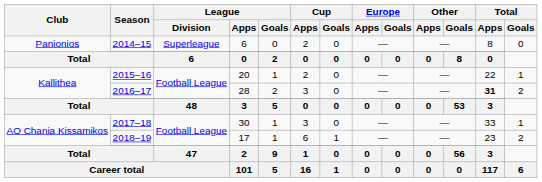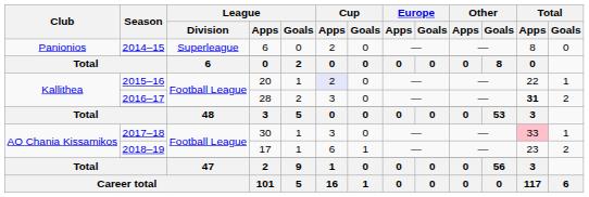 <table class="wikitable" style="text-align:center">
 <tr>
 <th rowspan="2">Club</th>
 <th rowspan="2">Season</th>
 <th colspan="3">League</th>
 <th colspan="2">Cup</th>
 <th colspan="2"><a href='#'>Europe</a></th>
 <th colspan="2">Other</th>
 <th colspan="2">Total</th>
 </tr>
 <tr>
 <th>Division</th>
 <th>Apps</th>
 <th>Goals</th>
 <th>Apps</th>
 <th>Goals</th>
 <th>Apps</th>
 <th>Goals</th>
 <th>Apps</th>
 <th>Goals</th>
 <th>Apps</th>
 <th>Goals</th>
 </tr>
 <tr>
 <td rowspan="2" valign="center"><a href='#'>Panionios</a></td>
 <td rowspan="1"><a href='#'>2014–15</a></td>
 <td rowspan="1"><a href='#'>Superleague</a></td>
 <td>6</td>
 <td>0</td>
 <td>2</td>
 <td>0</td>
 <td colspan="2">—</td>
 <td colspan="2">—</td>
 <td>8</td>
 <td>0</td>
 </tr>
 <tr>
 </tr>
 <tr>
 <th colspan="2" valign="center">Total</th>
 <th>6</th>
 <th>0</th>
 <th>2</th>
 <th>0</th>
 <th>0</th>
 <th>0</th>
 <th>0</th>
 <th>0</th>
 <th>8</th>
 <th>0</th>
 </tr>
 <tr>
 <td rowspan="3" valign="center"><a href='#'>Kallithea</a></td>
 <td><a href='#'>2015–16</a></td>
 <td rowspan="2"><a href='#'>Football League</a></td>
 <td>20</td>
 <td>1</td>
-<td>2</td>
+<td style="background: lavender;">2</td>
 <td>0</td>
 <td colspan="2">—</td>
 <td colspan="2">—</td>
 <td>22</td>
 <td>1</td>
 </tr>
 <tr>
 <td><a href='#'>2016–17</a></td>
 <td>28</td>
 <td>2</td>
 <td>3</td>
 <td>0</td>
 <td colspan="2">—</td>
 <td colspan="2">—</td>
 <td><strong>31</strong></td>
 <td>2</td>
 </tr>
 <tr>
 </tr>
 <tr>
 <th colspan="2" valign="center">Total</th>
 <th>48</th>
 <th>3</th>
 <th>5</th>
 <th>0</th>
 <th>0</th>
 <th>0</th>
 <th>0</th>
 <th>0</th>
 <th>53</th>
 <th>3</th>
 </tr>
 <tr>
 <td rowspan="3" valign="center"><a href='#'>AO Chania Kissamikos</a></td>
 <td><a href='#'>2017–18</a></td>
 <td rowspan="2"><a href='#'>Football League</a></td>
 <td>30</td>
 <td>1</td>
 <td>3</td>
 <td>0</td>
 <td colspan="2">—</td>
 <td colspan="2">—</td>
-<td>33</td>
+<td style="background: pink;">33</td>
 <td>1</td>
 </tr>
 <tr>
 <td><a href='#'>2018–19</a></td>
 <td>17</td>
 <td>1</td>
 <td>6</td>
 <td>1</td>
 <td colspan="2">—</td>
 <td colspan="2">—</td>
 <td>23</td>
 <td>2</td>
 </tr>
 <tr>
 </tr>
 <tr>
 <th colspan="2" valign="center">Total</th>
 <th>47</th>
 <th>2</th>
 <th>9</th>
 <th>1</th>
 <th>0</th>
 <th>0</th>
 <th>0</th>
 <th>0</th>
 <th>56</th>
 <th>3</th>
 </tr>
 <tr>
 <th colspan="3">Career total</th>
 <th>101</th>
 <th>5</th>
 <th>16</th>
 <th>1</th>
 <th>0</th>
 <th>0</th>
 <th>0</th>
 <th>0</th>
 <th>117</th>
 <th>6</th>
 </tr>
 </table>
